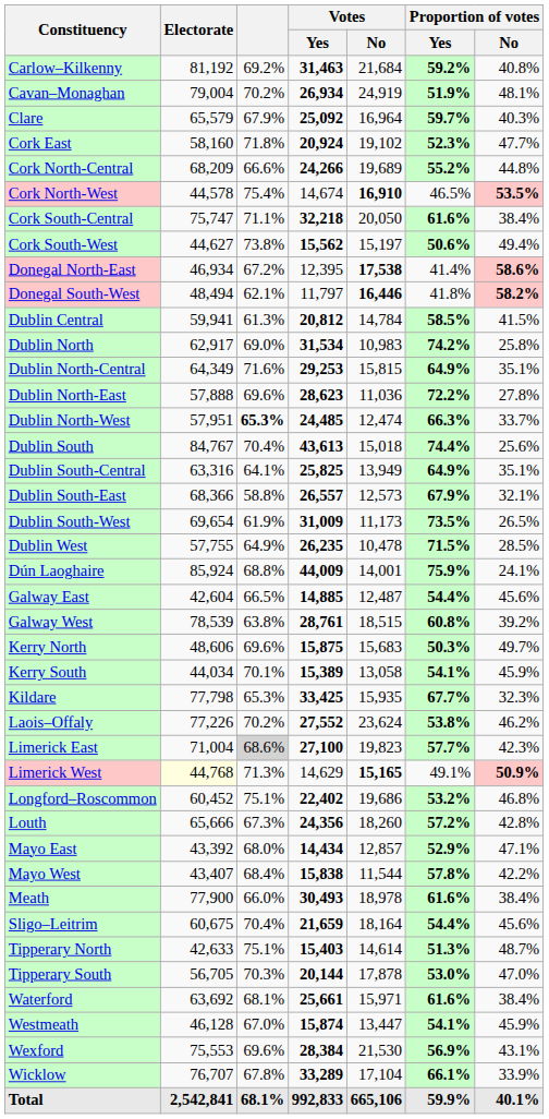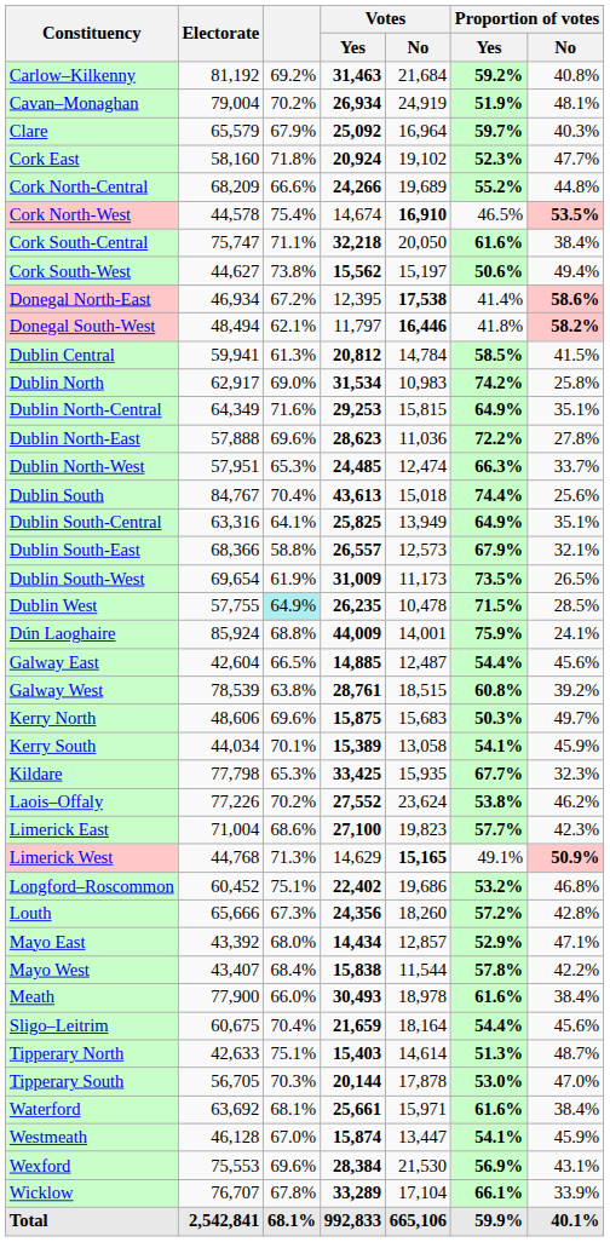 <table class="wikitable sortable">
 <tr>
 <th rowspan=2>Constituency</th>
 <th rowspan=2>Electorate</th>
 <th rowspan=2></th>
 <th colspan=2>Votes</th>
 <th colspan=2>Proportion of votes</th>
 </tr>
 <tr>
 <th>Yes</th>
 <th>No</th>
 <th>Yes</th>
 <th>No</th>
 </tr>
 <tr>
 <td style="background:#c8ffc8;"><a href='#'>Carlow–Kilkenny</a></td>
 <td style="text-align: right;">81,192</td>
 <td style="text-align: right;">69.2%</td>
 <td style="text-align: right;"><strong>31,463</strong></td>
 <td style="text-align: right;">21,684</td>
 <td style="text-align: right; background:#c8ffc8;"><strong>59.2%</strong></td>
 <td style="text-align: right;">40.8%</td>
 </tr>
 <tr>
 <td style="background:#c8ffc8;"><a href='#'>Cavan–Monaghan</a></td>
 <td style="text-align: right;">79,004</td>
 <td style="text-align: right;">70.2%</td>
 <td style="text-align: right;"><strong>26,934</strong></td>
 <td style="text-align: right;">24,919</td>
 <td style="text-align: right; background:#c8ffc8;"><strong>51.9%</strong></td>
 <td style="text-align: right;">48.1%</td>
 </tr>
 <tr>
 <td style="background:#c8ffc8;"><a href='#'>Clare</a></td>
 <td style="text-align: right;">65,579</td>
 <td style="text-align: right;">67.9%</td>
 <td style="text-align: right;"><strong>25,092</strong></td>
 <td style="text-align: right;">16,964</td>
 <td style="text-align: right; background:#c8ffc8;"><strong>59.7%</strong></td>
 <td style="text-align: right;">40.3%</td>
 </tr>
 <tr>
 <td style="background:#c8ffc8;"><a href='#'>Cork East</a></td>
 <td style="text-align: right;">58,160</td>
 <td style="text-align: right;">71.8%</td>
 <td style="text-align: right;"><strong>20,924</strong></td>
 <td style="text-align: right;">19,102</td>
 <td style="text-align: right; background:#c8ffc8;"><strong>52.3%</strong></td>
 <td style="text-align: right;">47.7%</td>
 </tr>
 <tr>
 <td style="background:#c8ffc8;"><a href='#'>Cork North-Central</a></td>
 <td style="text-align: right;">68,209</td>
 <td style="text-align: right;">66.6%</td>
 <td style="text-align: right;"><strong>24,266</strong></td>
 <td style="text-align: right;">19,689</td>
 <td style="text-align: right; background:#c8ffc8;"><strong>55.2%</strong></td>
 <td style="text-align: right;">44.8%</td>
 </tr>
 <tr>
 <td style="background:#ffc8c8;"><a href='#'>Cork North-West</a></td>
 <td style="text-align: right;">44,578</td>
 <td style="text-align: right;">75.4%</td>
 <td style="text-align: right;">14,674</td>
 <td style="text-align: right;"><strong>16,910</strong></td>
 <td style="text-align: right;">46.5%</td>
 <td style="text-align: right; background:#ffc8c8;"><strong>53.5%</strong></td>
 </tr>
 <tr>
 <td style="background:#c8ffc8;"><a href='#'>Cork South-Central</a></td>
 <td style="text-align: right;">75,747</td>
 <td style="text-align: right;">71.1%</td>
 <td style="text-align: right;"><strong>32,218</strong></td>
 <td style="text-align: right;">20,050</td>
 <td style="text-align: right; background:#c8ffc8;"><strong>61.6%</strong></td>
 <td style="text-align: right;">38.4%</td>
 </tr>
 <tr>
 <td style="background:#c8ffc8;"><a href='#'>Cork South-West</a></td>
 <td style="text-align: right;">44,627</td>
 <td style="text-align: right;">73.8%</td>
 <td style="text-align: right;"><strong>15,562</strong></td>
 <td style="text-align: right;">15,197</td>
 <td style="text-align: right; background:#c8ffc8;"><strong>50.6%</strong></td>
 <td style="text-align: right;">49.4%</td>
 </tr>
 <tr>
 <td style="background:#ffc8c8;"><a href='#'>Donegal North-East</a></td>
 <td style="text-align: right;">46,934</td>
 <td style="text-align: right;">67.2%</td>
 <td style="text-align: right;">12,395</td>
 <td style="text-align: right;"><strong>17,538</strong></td>
 <td style="text-align: right;">41.4%</td>
 <td style="text-align: right; background:#ffc8c8;"><strong>58.6%</strong></td>
 </tr>
 <tr>
 <td style="background:#ffc8c8;"><a href='#'>Donegal South-West</a></td>
 <td style="text-align: right;">48,494</td>
 <td style="text-align: right;">62.1%</td>
 <td style="text-align: right;">11,797</td>
 <td style="text-align: right;"><strong>16,446</strong></td>
 <td style="text-align: right;">41.8%</td>
 <td style="text-align: right; background:#ffc8c8;"><strong>58.2%</strong></td>
 </tr>
 <tr>
 <td style="background:#c8ffc8;"><a href='#'>Dublin Central</a></td>
 <td style="text-align: right;">59,941</td>
 <td style="text-align: right;">61.3%</td>
 <td style="text-align: right;"><strong>20,812</strong></td>
 <td style="text-align: right;">14,784</td>
 <td style="text-align: right; background:#c8ffc8;"><strong>58.5%</strong></td>
 <td style="text-align: right;">41.5%</td>
 </tr>
 <tr>
 <td style="background:#c8ffc8;"><a href='#'>Dublin North</a></td>
 <td style="text-align: right;">62,917</td>
 <td style="text-align: right;">69.0%</td>
 <td style="text-align: right;"><strong>31,534</strong></td>
 <td style="text-align: right;">10,983</td>
 <td style="text-align: right; background:#c8ffc8;"><strong>74.2%</strong></td>
 <td style="text-align: right;">25.8%</td>
 </tr>
 <tr>
 <td style="background:#c8ffc8;"><a href='#'>Dublin North-Central</a></td>
 <td style="text-align: right;">64,349</td>
 <td style="text-align: right;">71.6%</td>
 <td style="text-align: right;"><strong>29,253</strong></td>
 <td style="text-align: right;">15,815</td>
 <td style="text-align: right; background:#c8ffc8;"><strong>64.9%</strong></td>
 <td style="text-align: right;">35.1%</td>
 </tr>
 <tr>
 <td style="background:#c8ffc8;"><a href='#'>Dublin North-East</a></td>
 <td style="text-align: right;">57,888</td>
 <td style="text-align: right;">69.6%</td>
 <td style="text-align: right;"><strong>28,623</strong></td>
 <td style="text-align: right;">11,036</td>
 <td style="text-align: right; background:#c8ffc8;"><strong>72.2%</strong></td>
 <td style="text-align: right;">27.8%</td>
 </tr>
 <tr>
 <td style="background:#c8ffc8;"><a href='#'>Dublin North-West</a></td>
 <td style="text-align: right;">57,951</td>
-<td style="text-align: right;"><strong>65.3%</strong></td>
+<td style="text-align: right;">65.3%</td>
 <td style="text-align: right;"><strong>24,485</strong></td>
 <td style="text-align: right;">12,474</td>
 <td style="text-align: right; background:#c8ffc8;"><strong>66.3%</strong></td>
 <td style="text-align: right;">33.7%</td>
 </tr>
 <tr>
 <td style="background:#c8ffc8;"><a href='#'>Dublin South</a></td>
 <td style="text-align: right;">84,767</td>
 <td style="text-align: right;">70.4%</td>
 <td style="text-align: right;"><strong>43,613</strong></td>
 <td style="text-align: right;">15,018</td>
 <td style="text-align: right; background:#c8ffc8;"><strong>74.4%</strong></td>
 <td style="text-align: right;">25.6%</td>
 </tr>
 <tr>
 <td style="background:#c8ffc8;"><a href='#'>Dublin South-Central</a></td>
 <td style="text-align: right;">63,316</td>
 <td style="text-align: right;">64.1%</td>
 <td style="text-align: right;"><strong>25,825</strong></td>
 <td style="text-align: right;">13,949</td>
 <td style="text-align: right; background:#c8ffc8;"><strong>64.9%</strong></td>
 <td style="text-align: right;">35.1%</td>
 </tr>
 <tr>
 <td style="background:#c8ffc8;"><a href='#'>Dublin South-East</a></td>
 <td style="text-align: right;">68,366</td>
 <td style="text-align: right;">58.8%</td>
 <td style="text-align: right;"><strong>26,557</strong></td>
 <td style="text-align: right;">12,573</td>
 <td style="text-align: right; background:#c8ffc8;"><strong>67.9%</strong></td>
 <td style="text-align: right;">32.1%</td>
 </tr>
 <tr>
 <td style="background:#c8ffc8;"><a href='#'>Dublin South-West</a></td>
 <td style="text-align: right;">69,654</td>
 <td style="text-align: right;">61.9%</td>
 <td style="text-align: right;"><strong>31,009</strong></td>
 <td style="text-align: right;">11,173</td>
 <td style="text-align: right; background:#c8ffc8;"><strong>73.5%</strong></td>
 <td style="text-align: right;">26.5%</td>
 </tr>
 <tr>
 <td style="background:#c8ffc8;"><a href='#'>Dublin West</a></td>
 <td style="text-align: right;">57,755</td>
-<td style="text-align: right;">64.9%</td>
+<td style="background: paleturquoise; text-align: right;">64.9%</td>
 <td style="text-align: right;"><strong>26,235</strong></td>
 <td style="text-align: right;">10,478</td>
 <td style="text-align: right; background:#c8ffc8;"><strong>71.5%</strong></td>
 <td style="text-align: right;">28.5%</td>
 </tr>
 <tr>
 <td style="background:#c8ffc8;"><a href='#'>Dún Laoghaire</a></td>
 <td style="text-align: right;">85,924</td>
 <td style="text-align: right;">68.8%</td>
 <td style="text-align: right;"><strong>44,009</strong></td>
 <td style="text-align: right;">14,001</td>
 <td style="text-align: right; background:#c8ffc8;"><strong>75.9%</strong></td>
 <td style="text-align: right;">24.1%</td>
 </tr>
 <tr>
 <td style="background:#c8ffc8;"><a href='#'>Galway East</a></td>
 <td style="text-align: right;">42,604</td>
 <td style="text-align: right;">66.5%</td>
 <td style="text-align: right;"><strong>14,885</strong></td>
 <td style="text-align: right;">12,487</td>
 <td style="text-align: right; background:#c8ffc8;"><strong>54.4%</strong></td>
 <td style="text-align: right;">45.6%</td>
 </tr>
 <tr>
 <td style="background:#c8ffc8;"><a href='#'>Galway West</a></td>
 <td style="text-align: right;">78,539</td>
 <td style="text-align: right;">63.8%</td>
 <td style="text-align: right;"><strong>28,761</strong></td>
 <td style="text-align: right;">18,515</td>
 <td style="text-align: right; background:#c8ffc8;"><strong>60.8%</strong></td>
 <td style="text-align: right;">39.2%</td>
 </tr>
 <tr>
 <td style="background:#c8ffc8;"><a href='#'>Kerry North</a></td>
 <td style="text-align: right;">48,606</td>
 <td style="text-align: right;">69.6%</td>
 <td style="text-align: right;"><strong>15,875</strong></td>
 <td style="text-align: right;">15,683</td>
 <td style="text-align: right; background:#c8ffc8;"><strong>50.3%</strong></td>
 <td style="text-align: right;">49.7%</td>
 </tr>
 <tr>
 <td style="background:#c8ffc8;"><a href='#'>Kerry South</a></td>
 <td style="text-align: right;">44,034</td>
 <td style="text-align: right;">70.1%</td>
 <td style="text-align: right;"><strong>15,389</strong></td>
 <td style="text-align: right;">13,058</td>
 <td style="text-align: right; background:#c8ffc8;"><strong>54.1%</strong></td>
 <td style="text-align: right;">45.9%</td>
 </tr>
 <tr>
 <td style="background:#c8ffc8;"><a href='#'>Kildare</a></td>
 <td style="text-align: right;">77,798</td>
 <td style="text-align: right;">65.3%</td>
 <td style="text-align: right;"><strong>33,425</strong></td>
 <td style="text-align: right;">15,935</td>
 <td style="text-align: right; background:#c8ffc8;"><strong>67.7%</strong></td>
 <td style="text-align: right;">32.3%</td>
 </tr>
 <tr>
 <td style="background:#c8ffc8;"><a href='#'>Laois–Offaly</a></td>
 <td style="text-align: right;">77,226</td>
 <td style="text-align: right;">70.2%</td>
 <td style="text-align: right;"><strong>27,552</strong></td>
 <td style="text-align: right;">23,624</td>
 <td style="text-align: right; background:#c8ffc8;"><strong>53.8%</strong></td>
 <td style="text-align: right;">46.2%</td>
 </tr>
 <tr>
 <td style="background:#c8ffc8;"><a href='#'>Limerick East</a></td>
 <td style="text-align: right;">71,004</td>
-<td style="background: lightgrey; text-align: right;">68.6%</td>
+<td style="text-align: right;">68.6%</td>
 <td style="text-align: right;"><strong>27,100</strong></td>
 <td style="text-align: right;">19,823</td>
 <td style="text-align: right; background:#c8ffc8;"><strong>57.7%</strong></td>
 <td style="text-align: right;">42.3%</td>
 </tr>
 <tr>
 <td style="background:#ffc8c8;"><a href='#'>Limerick West</a></td>
-<td style="background: lightyellow; text-align: right;">44,768</td>
+<td style="text-align: right;">44,768</td>
 <td style="text-align: right;">71.3%</td>
 <td style="text-align: right;">14,629</td>
 <td style="text-align: right;"><strong>15,165</strong></td>
 <td style="text-align: right;">49.1%</td>
 <td style="text-align: right; background:#ffc8c8;"><strong>50.9%</strong></td>
 </tr>
 <tr>
 <td style="background:#c8ffc8;"><a href='#'>Longford–Roscommon</a></td>
 <td style="text-align: right;">60,452</td>
 <td style="text-align: right;">75.1%</td>
 <td style="text-align: right;"><strong>22,402</strong></td>
 <td style="text-align: right;">19,686</td>
 <td style="text-align: right; background:#c8ffc8;"><strong>53.2%</strong></td>
 <td style="text-align: right;">46.8%</td>
 </tr>
 <tr>
 <td style="background:#c8ffc8;"><a href='#'>Louth</a></td>
 <td style="text-align: right;">65,666</td>
 <td style="text-align: right;">67.3%</td>
 <td style="text-align: right;"><strong>24,356</strong></td>
 <td style="text-align: right;">18,260</td>
 <td style="text-align: right; background:#c8ffc8;"><strong>57.2%</strong></td>
 <td style="text-align: right;">42.8%</td>
 </tr>
 <tr>
 <td style="background:#c8ffc8;"><a href='#'>Mayo East</a></td>
 <td style="text-align: right;">43,392</td>
 <td style="text-align: right;">68.0%</td>
 <td style="text-align: right;"><strong>14,434</strong></td>
 <td style="text-align: right;">12,857</td>
 <td style="text-align: right; background:#c8ffc8;"><strong>52.9%</strong></td>
 <td style="text-align: right;">47.1%</td>
 </tr>
 <tr>
 <td style="background:#c8ffc8;"><a href='#'>Mayo West</a></td>
 <td style="text-align: right;">43,407</td>
 <td style="text-align: right;">68.4%</td>
 <td style="text-align: right;"><strong>15,838</strong></td>
 <td style="text-align: right;">11,544</td>
 <td style="text-align: right; background:#c8ffc8;"><strong>57.8%</strong></td>
 <td style="text-align: right;">42.2%</td>
 </tr>
 <tr>
 <td style="background:#c8ffc8;"><a href='#'>Meath</a></td>
 <td style="text-align: right;">77,900</td>
 <td style="text-align: right;">66.0%</td>
 <td style="text-align: right;"><strong>30,493</strong></td>
 <td style="text-align: right;">18,978</td>
 <td style="text-align: right; background:#c8ffc8;"><strong>61.6%</strong></td>
 <td style="text-align: right;">38.4%</td>
 </tr>
 <tr>
 <td style="background:#c8ffc8;"><a href='#'>Sligo–Leitrim</a></td>
 <td style="text-align: right;">60,675</td>
 <td style="text-align: right;">70.4%</td>
 <td style="text-align: right;"><strong>21,659</strong></td>
 <td style="text-align: right;">18,164</td>
 <td style="text-align: right; background:#c8ffc8;"><strong>54.4%</strong></td>
 <td style="text-align: right;">45.6%</td>
 </tr>
 <tr>
 <td style="background:#c8ffc8;"><a href='#'>Tipperary North</a></td>
 <td style="text-align: right;">42,633</td>
 <td style="text-align: right;">75.1%</td>
 <td style="text-align: right;"><strong>15,403</strong></td>
 <td style="text-align: right;">14,614</td>
 <td style="text-align: right; background:#c8ffc8;"><strong>51.3%</strong></td>
 <td style="text-align: right;">48.7%</td>
 </tr>
 <tr>
 <td style="background:#c8ffc8;"><a href='#'>Tipperary South</a></td>
 <td style="text-align: right;">56,705</td>
 <td style="text-align: right;">70.3%</td>
 <td style="text-align: right;"><strong>20,144</strong></td>
 <td style="text-align: right;">17,878</td>
 <td style="text-align: right; background:#c8ffc8;"><strong>53.0%</strong></td>
 <td style="text-align: right;">47.0%</td>
 </tr>
 <tr>
 <td style="background:#c8ffc8;"><a href='#'>Waterford</a></td>
 <td style="text-align: right;">63,692</td>
 <td style="text-align: right;">68.1%</td>
 <td style="text-align: right;"><strong>25,661</strong></td>
 <td style="text-align: right;">15,971</td>
 <td style="text-align: right; background:#c8ffc8;"><strong>61.6%</strong></td>
 <td style="text-align: right;">38.4%</td>
 </tr>
 <tr>
 <td style="background:#c8ffc8;"><a href='#'>Westmeath</a></td>
 <td style="text-align: right;">46,128</td>
 <td style="text-align: right;">67.0%</td>
 <td style="text-align: right;"><strong>15,874</strong></td>
 <td style="text-align: right;">13,447</td>
 <td style="text-align: right; background:#c8ffc8;"><strong>54.1%</strong></td>
 <td style="text-align: right;">45.9%</td>
 </tr>
 <tr>
 <td style="background:#c8ffc8;"><a href='#'>Wexford</a></td>
 <td style="text-align: right;">75,553</td>
 <td style="text-align: right;">69.6%</td>
 <td style="text-align: right;"><strong>28,384</strong></td>
 <td style="text-align: right;">21,530</td>
 <td style="text-align: right; background:#c8ffc8;"><strong>56.9%</strong></td>
 <td style="text-align: right;">43.1%</td>
 </tr>
 <tr>
 <td style="background:#c8ffc8;"><a href='#'>Wicklow</a></td>
 <td style="text-align: right;">76,707</td>
 <td style="text-align: right;">67.8%</td>
 <td style="text-align: right;"><strong>33,289</strong></td>
 <td style="text-align: right;">17,104</td>
 <td style="text-align: right; background:#c8ffc8;"><strong>66.1%</strong></td>
 <td style="text-align: right;">33.9%</td>
 </tr>
 <tr class="sortbottom" style="font-weight:bold; background:rgb(232,232,232);">
 <td>Total</td>
 <td style="text-align: right;">2,542,841</td>
 <td style="text-align: right;">68.1%</td>
 <td style="text-align: right;">992,833</td>
 <td style="text-align: right;">665,106</td>
 <td style="text-align: right;">59.9%</td>
 <td style="text-align: right;">40.1%</td>
 </tr>
 </table>
